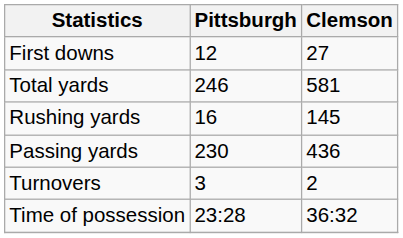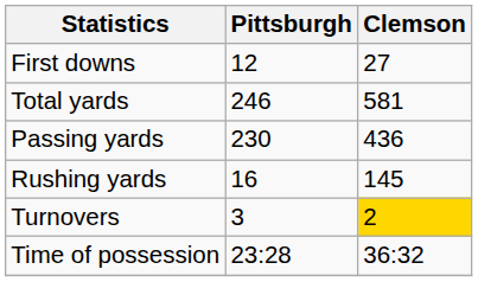 <table class="wikitable">
 <tr>
 <th>Statistics</th>
 <th>Pittsburgh</th>
 <th>Clemson</th>
 </tr>
 <tr>
 <td>First downs</td>
 <td>12</td>
 <td>27</td>
 </tr>
 <tr>
 <td>Total yards</td>
 <td>246</td>
 <td>581</td>
 </tr>
 <tr>
+<td>Passing yards</td>
+<td>230</td>
+<td>436</td>
+</tr>
+<tr>
 <td>Rushing yards</td>
 <td>16</td>
 <td>145</td>
 </tr>
 <tr>
-<td>Passing yards</td>
-<td>230</td>
-<td>436</td>
-</tr>
-<tr>
 <td>Turnovers</td>
 <td>3</td>
-<td>2</td>
+<td style="background: gold;">2</td>
 </tr>
 <tr>
 <td>Time of possession</td>
 <td>23:28</td>
 <td>36:32</td>
 </tr>
 <tr>
 </tr>
 </table>
